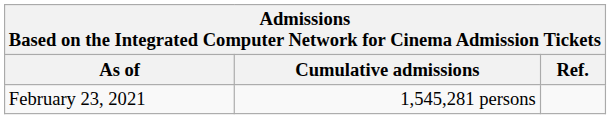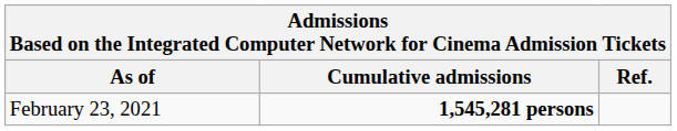 <table class="wikitable sortable">
 <tr>
 <th colspan="3">Admissions<br>Based on the Integrated Computer Network for Cinema Admission Tickets</th>
 </tr>
 <tr>
 <th>As of</th>
 <th>Cumulative admissions</th>
 <th class="unsortable">Ref.</th>
 </tr>
 <tr>
 <td>February 23, 2021</td>
-<td style="text-align:right;">1,545,281 persons</td>
+<td style="text-align:right;"><strong>1,545,281 persons</strong></td>
 <td></td>
 </tr>
 </table>
